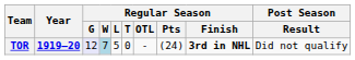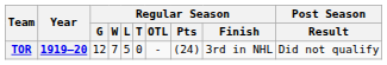 <table class="wikitable" style="font-size: 95%; text-align:center;">
 <tr>
 <th rowspan="2">Team</th>
 <th rowspan="2">Year</th>
 <th colspan="7">Regular Season</th>
 <th colspan="1">Post Season</th>
 </tr>
 <tr>
 <th>G</th>
 <th>W</th>
 <th>L</th>
 <th>T</th>
 <th>OTL</th>
 <th>Pts</th>
 <th>Finish</th>
 <th>Result</th>
 </tr>
 <tr>
 <th><a href='#'>TOR</a></th>
 <th><a href='#'>1919–20</a></th>
-<td style="background: lavender;">12</td>
-<td style="background: lightblue;">7</td>
+<td>12</td>
+<td>7</td>
 <td>5</td>
 <td>0</td>
 <td>-</td>
 <td>(24)</td>
-<td><strong>3rd in NHL</strong></td>
+<td>3rd in NHL</td>
 <td>Did not qualify</td>
 </tr>
 </table>
